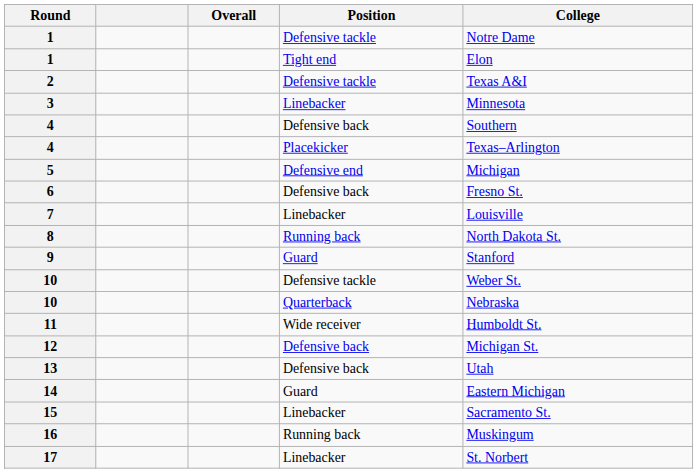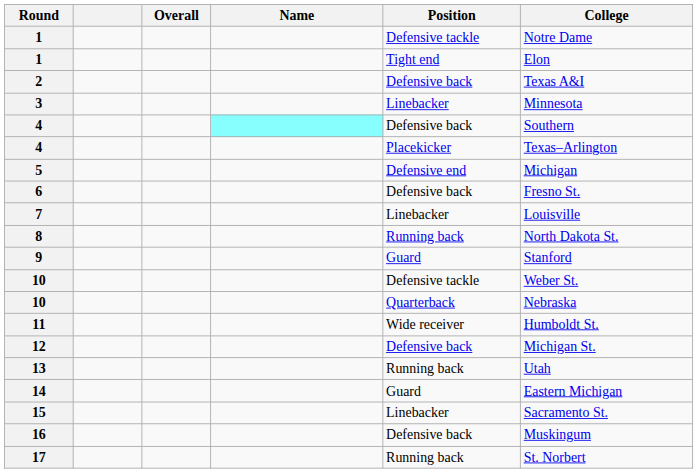 <table class="wikitable sortable" style="width: 50%;">
 <tr>
 <th scope="col" style="width: 10%;">Round</th>
 <th scope="col" style="width: 10%;"></th>
 <th scope="col" style="width: 10%;">Overall</th>
+<th scope="col" style="width: 25%;">Name</th>
 <th scope="col" style="width: 20%;">Position</th>
 <th scope="col" style="width: 25%;">College</th>
 </tr>
 <tr>
 <th scope="row">1</th>
+<td></td>
 <td></td>
 <td></td>
 <td><a href='#'>Defensive tackle</a></td>
 <td><a href='#'>Notre Dame</a></td>
 </tr>
 <tr>
 <th scope="row">1</th>
 <td></td>
 <td></td>
+<td></td>
 <td><a href='#'>Tight end</a></td>
 <td><a href='#'>Elon</a></td>
 </tr>
 <tr>
 <th scope="row">2</th>
 <td></td>
 <td></td>
-<td><a href='#'>Defensive tackle</a></td>
+<td></td>
+<td><a href='#'>Defensive back</a></td>
 <td><a href='#'>Texas A&I</a></td>
 </tr>
 <tr>
 <th scope="row">3</th>
+<td></td>
 <td></td>
 <td></td>
 <td><a href='#'>Linebacker</a></td>
 <td><a href='#'>Minnesota</a></td>
 </tr>
 <tr>
 <th scope="row">4</th>
 <td></td>
 <td></td>
+<td style="background:#88FFFF;"> <sup></sup></td>
 <td>Defensive back</td>
 <td><a href='#'>Southern</a></td>
 </tr>
 <tr>
 <th scope="row">4</th>
+<td></td>
 <td></td>
 <td></td>
 <td><a href='#'>Placekicker</a></td>
 <td><a href='#'>Texas–Arlington</a></td>
 </tr>
 <tr>
 <th scope="row">5</th>
 <td></td>
 <td></td>
+<td></td>
 <td><a href='#'>Defensive end</a></td>
 <td><a href='#'>Michigan</a></td>
 </tr>
 <tr>
 <th scope="row">6</th>
+<td></td>
 <td></td>
 <td></td>
 <td>Defensive back</td>
 <td><a href='#'>Fresno St.</a></td>
 </tr>
 <tr>
 <th scope="row">7</th>
 <td></td>
 <td></td>
+<td></td>
 <td>Linebacker</td>
 <td><a href='#'>Louisville</a></td>
 </tr>
 <tr>
 <th scope="row">8</th>
+<td></td>
 <td></td>
 <td></td>
 <td><a href='#'>Running back</a></td>
 <td><a href='#'>North Dakota St.</a></td>
 </tr>
 <tr>
 <th scope="row">9</th>
 <td></td>
 <td></td>
+<td></td>
 <td><a href='#'>Guard</a></td>
 <td><a href='#'>Stanford</a></td>
 </tr>
 <tr>
 <th scope="row">10</th>
+<td></td>
 <td></td>
 <td></td>
 <td>Defensive tackle</td>
 <td><a href='#'>Weber St.</a></td>
 </tr>
 <tr>
 <th scope="row">10</th>
 <td></td>
 <td></td>
+<td></td>
 <td><a href='#'>Quarterback</a></td>
 <td><a href='#'>Nebraska</a></td>
 </tr>
 <tr>
 <th scope="row">11</th>
+<td></td>
 <td></td>
 <td></td>
 <td>Wide receiver</td>
 <td><a href='#'>Humboldt St.</a></td>
 </tr>
 <tr>
 <th scope="row">12</th>
 <td></td>
 <td></td>
+<td></td>
 <td><a href='#'>Defensive back</a></td>
 <td><a href='#'>Michigan St.</a></td>
 </tr>
 <tr>
 <th scope="row">13</th>
 <td></td>
 <td></td>
-<td>Defensive back</td>
+<td></td>
+<td>Running back</td>
 <td><a href='#'>Utah</a></td>
 </tr>
 <tr>
 <th scope="row">14</th>
+<td></td>
 <td></td>
 <td></td>
 <td>Guard</td>
 <td><a href='#'>Eastern Michigan</a></td>
 </tr>
 <tr>
 <th scope="row">15</th>
 <td></td>
 <td></td>
+<td></td>
 <td>Linebacker</td>
 <td><a href='#'>Sacramento St.</a></td>
 </tr>
 <tr>
 <th scope="row">16</th>
 <td></td>
 <td></td>
-<td>Running back</td>
+<td></td>
+<td>Defensive back</td>
 <td><a href='#'>Muskingum</a></td>
 </tr>
 <tr>
 <th scope="row">17</th>
 <td></td>
 <td></td>
-<td>Linebacker</td>
+<td></td>
+<td>Running back</td>
 <td><a href='#'>St. Norbert</a></td>
 </tr>
 </table>
